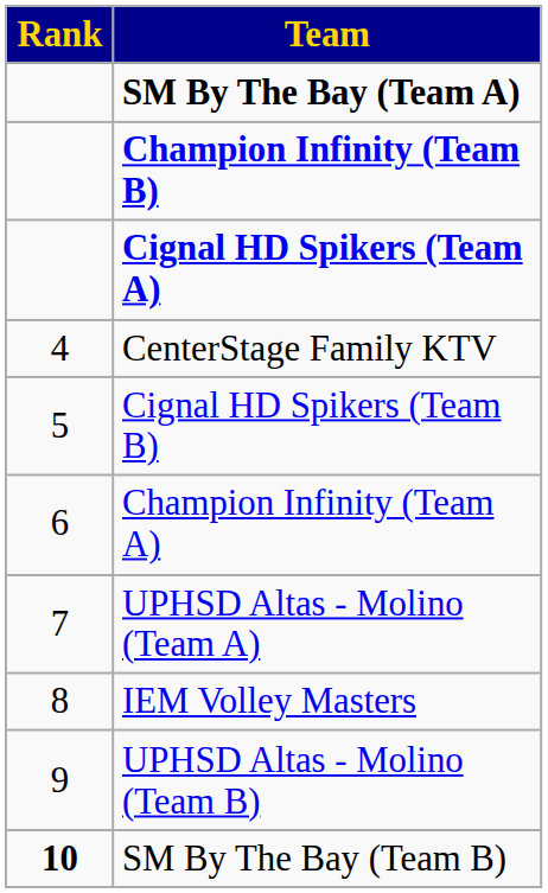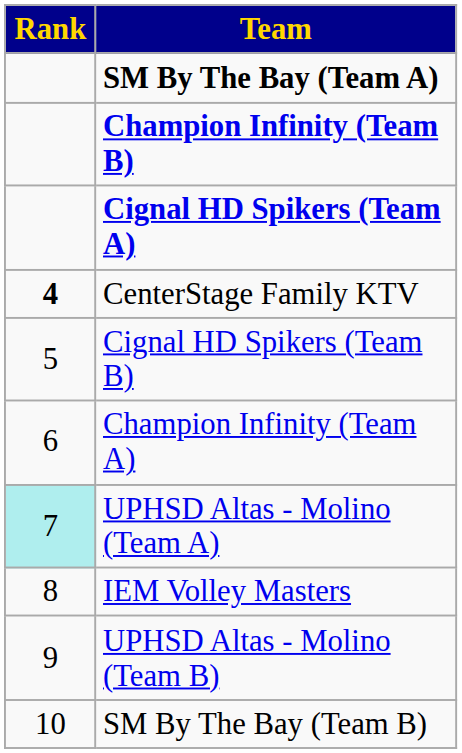 <table class="wikitable" style="text-align: center;">
 <tr>
 <th width=40 style="background:#00008B; color:#FFD700;">Rank</th>
 <th width=180 style="background:#00008B; color:#FFD700;">Team</th>
 </tr>
 <tr>
 <td></td>
 <td align="left"><strong>SM By The Bay (Team A)</strong></td>
 </tr>
 <tr>
 <td></td>
 <td align="left"><strong><a href='#'>Champion Infinity (Team B)</a></strong></td>
 </tr>
 <tr>
 <td></td>
 <td align="left"><strong><a href='#'>Cignal HD Spikers (Team A)</a></strong></td>
 </tr>
 <tr>
-<td>4</td>
+<td><strong>4</strong></td>
 <td align="left">CenterStage Family KTV</td>
 </tr>
 <tr>
 <td>5</td>
 <td align="left"><a href='#'>Cignal HD Spikers (Team B)</a></td>
 </tr>
 <tr>
 <td>6</td>
 <td align="left"><a href='#'>Champion Infinity (Team A)</a></td>
 </tr>
 <tr>
-<td>7</td>
+<td style="background: paleturquoise;">7</td>
 <td align="left"><a href='#'>UPHSD Altas - Molino (Team A)</a></td>
 </tr>
 <tr>
 <td>8</td>
 <td align="left"><a href='#'>IEM Volley Masters</a></td>
 </tr>
 <tr>
 <td>9</td>
 <td align="left"><a href='#'>UPHSD Altas - Molino (Team B)</a></td>
 </tr>
 <tr>
-<td><strong>10</strong></td>
+<td>10</td>
 <td align="left">SM By The Bay (Team B)</td>
 </tr>
 </table>
